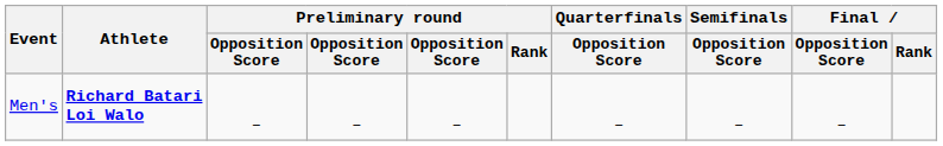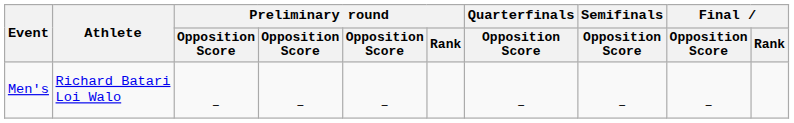 <table class=wikitable style=font-size:90%;text-align:center>
 <tr>
 <th rowspan=2>Event</th>
 <th rowspan=2>Athlete</th>
 <th colspan=4>Preliminary round</th>
 <th>Quarterfinals</th>
 <th>Semifinals</th>
 <th colspan=2>Final / </th>
 </tr>
 <tr style=font-size:95%>
 <th>Opposition<br>Score</th>
 <th>Opposition<br>Score</th>
 <th>Opposition<br>Score</th>
 <th>Rank</th>
 <th>Opposition<br>Score</th>
 <th>Opposition<br>Score</th>
 <th>Opposition<br>Score</th>
 <th>Rank</th>
 </tr>
 <tr>
 <td align=left><a href='#'>Men's</a></td>
-<td align=left><strong><a href='#'>Richard Batari</a><br><a href='#'>Loi Walo</a></strong></td>
+<td align=left><a href='#'>Richard Batari</a><br><a href='#'>Loi Walo</a></td>
 <td><br> <br> –</td>
 <td><br> <br> –</td>
 <td><br> <br> –</td>
 <td></td>
 <td><br> <br> –</td>
 <td><br> <br> –</td>
 <td><br> <br> –</td>
 <td></td>
 </tr>
 </table>
